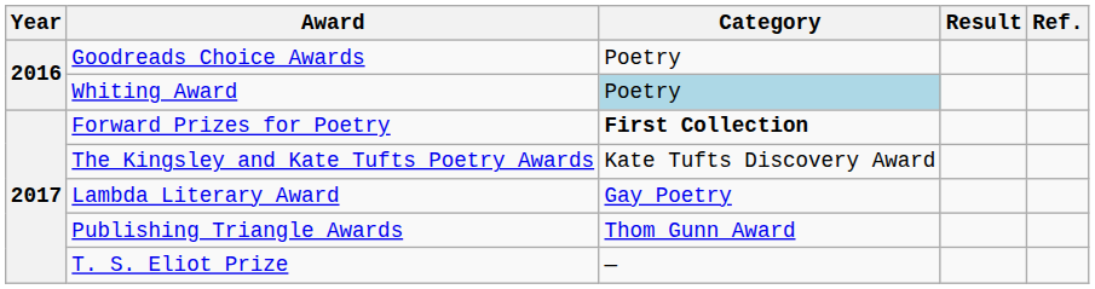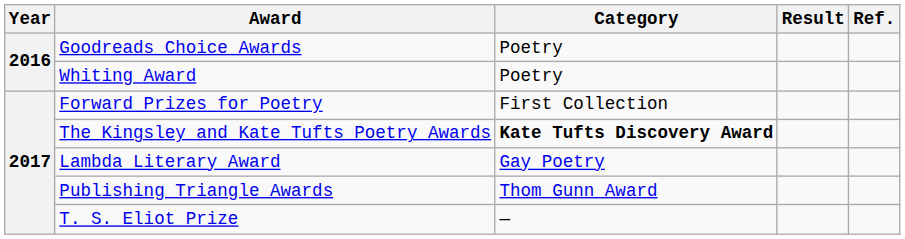 <table class="wikitable sortable">
 <tr>
 <th>Year</th>
 <th>Award</th>
 <th>Category</th>
 <th>Result</th>
 <th>Ref.</th>
 </tr>
 <tr>
 <th rowspan="2">2016</th>
 <td><a href='#'>Goodreads Choice Awards</a></td>
 <td>Poetry</td>
 <td></td>
 <td></td>
 </tr>
 <tr>
 <td><a href='#'>Whiting Award</a></td>
-<td style="background: lightblue;">Poetry</td>
+<td>Poetry</td>
 <td></td>
 <td></td>
 </tr>
 <tr>
 <th rowspan="5">2017</th>
 <td><a href='#'>Forward Prizes for Poetry</a></td>
-<td><strong>First Collection</strong></td>
+<td>First Collection</td>
 <td></td>
 <td></td>
 </tr>
 <tr>
 <td><a href='#'>The Kingsley and Kate Tufts Poetry Awards</a></td>
-<td>Kate Tufts Discovery Award</td>
+<td><strong>Kate Tufts Discovery Award</strong></td>
 <td></td>
 <td></td>
 </tr>
 <tr>
 <td><a href='#'>Lambda Literary Award</a></td>
 <td><a href='#'>Gay Poetry</a></td>
 <td></td>
 <td></td>
 </tr>
 <tr>
 <td><a href='#'>Publishing Triangle Awards</a></td>
 <td><a href='#'>Thom Gunn Award</a></td>
 <td></td>
 <td></td>
 </tr>
 <tr>
 <td><a href='#'>T. S. Eliot Prize</a></td>
 <td>—</td>
 <td></td>
 <td></td>
 </tr>
 </table>
